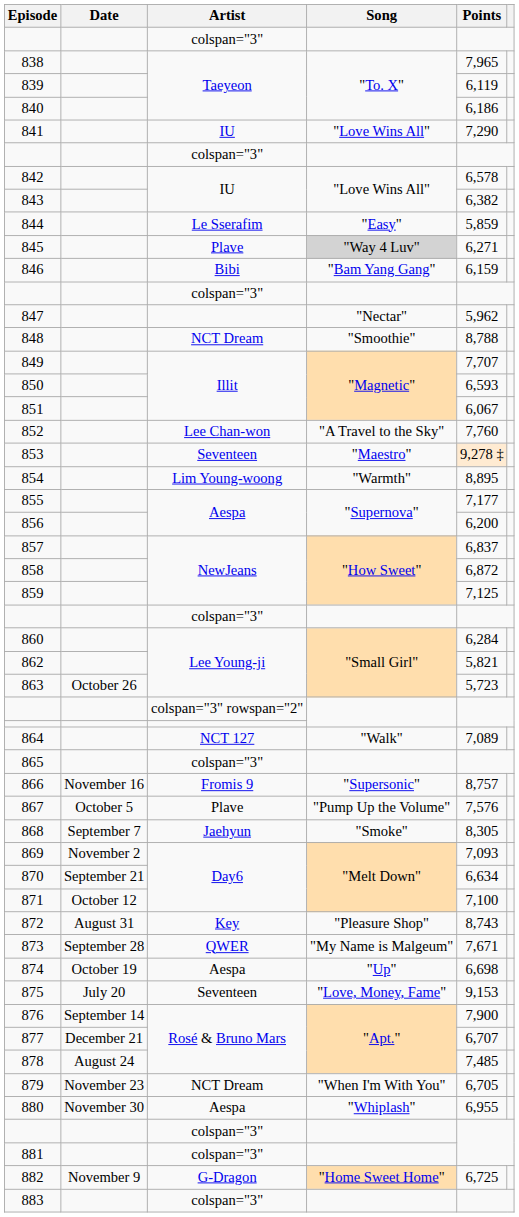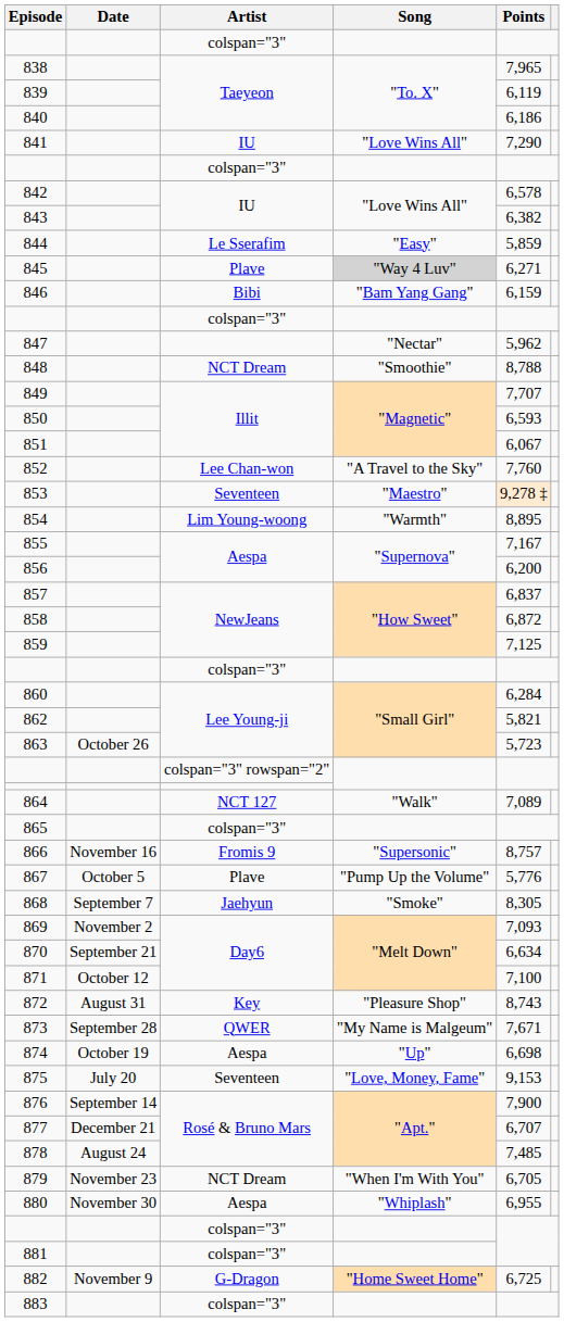 <table class="wikitable plainrowheaders sortable" style="text-align:center">
 <tr>
 <th scope="col">Episode</th>
 <th scope="col">Date</th>
 <th scope="col">Artist</th>
 <th scope="col">Song</th>
 <th scope="col">Points</th>
 <th scope="col" class="unsortable"></th>
 </tr>
 <tr>
 <td></td>
 <td></td>
 <td>colspan="3" </td>
 <td></td>
 </tr>
 <tr>
 <td>838</td>
 <td></td>
 <td rowspan="3"><a href='#'>Taeyeon</a></td>
 <td rowspan="3">"<a href='#'>To. X</a>"</td>
 <td>7,965</td>
 <td></td>
 </tr>
 <tr>
 <td>839</td>
 <td></td>
 <td>6,119</td>
 <td></td>
 </tr>
 <tr>
 <td>840</td>
 <td></td>
 <td>6,186</td>
 <td></td>
 </tr>
 <tr>
 <td>841</td>
 <td></td>
 <td><a href='#'>IU</a></td>
 <td>"<a href='#'>Love Wins All</a>"</td>
 <td>7,290</td>
 <td></td>
 </tr>
 <tr>
 <td></td>
 <td></td>
 <td>colspan="3" </td>
 <td></td>
 </tr>
 <tr>
 <td>842</td>
 <td></td>
 <td rowspan="2">IU</td>
 <td rowspan="2">"Love Wins All"</td>
 <td>6,578</td>
 <td></td>
 </tr>
 <tr>
 <td>843</td>
 <td></td>
 <td>6,382</td>
 <td></td>
 </tr>
 <tr>
 <td>844</td>
 <td></td>
 <td><a href='#'>Le Sserafim</a></td>
 <td>"<a href='#'>Easy</a>"</td>
 <td>5,859</td>
 <td></td>
 </tr>
 <tr>
 <td>845</td>
 <td></td>
 <td><a href='#'>Plave</a></td>
 <td style="background: lightgrey;">"Way 4 Luv"</td>
 <td>6,271</td>
 <td></td>
 </tr>
 <tr>
 <td>846</td>
 <td></td>
 <td><a href='#'>Bibi</a></td>
 <td>"<a href='#'>Bam Yang Gang</a>"</td>
 <td>6,159</td>
 <td></td>
 </tr>
 <tr>
 <td></td>
 <td></td>
 <td>colspan="3" </td>
 <td></td>
 </tr>
 <tr>
 <td>847</td>
 <td></td>
 <td></td>
 <td>"Nectar"</td>
 <td>5,962</td>
 <td></td>
 </tr>
 <tr>
 <td>848</td>
 <td></td>
 <td><a href='#'>NCT Dream</a></td>
 <td>"Smoothie"</td>
 <td>8,788</td>
 <td></td>
 </tr>
 <tr>
 <td>849</td>
 <td></td>
 <td rowspan="3"><a href='#'>Illit</a></td>
 <td rowspan="3" style="background:#FFDEAD">"<a href='#'>Magnetic</a>" </td>
 <td>7,707</td>
 <td></td>
 </tr>
 <tr>
 <td>850</td>
 <td></td>
 <td>6,593</td>
 <td></td>
 </tr>
 <tr>
 <td>851</td>
 <td></td>
 <td>6,067</td>
 <td></td>
 </tr>
 <tr>
 <td>852</td>
 <td></td>
 <td><a href='#'>Lee Chan-won</a></td>
 <td>"A Travel to the Sky"</td>
 <td>7,760</td>
 <td></td>
 </tr>
 <tr>
 <td>853</td>
 <td></td>
 <td><a href='#'>Seventeen</a></td>
 <td>"<a href='#'>Maestro</a>"</td>
 <td style="background:#FFEBD2">9,278 ‡</td>
 <td></td>
 </tr>
 <tr>
 <td>854</td>
 <td></td>
 <td><a href='#'>Lim Young-woong</a></td>
 <td>"Warmth"</td>
 <td>8,895</td>
 <td></td>
 </tr>
 <tr>
 <td>855</td>
 <td></td>
 <td rowspan="2"><a href='#'>Aespa</a></td>
 <td rowspan="2">"<a href='#'>Supernova</a>"</td>
-<td>7,177</td>
+<td>7,167</td>
 <td></td>
 </tr>
 <tr>
 <td>856</td>
 <td></td>
 <td>6,200</td>
 <td></td>
 </tr>
 <tr>
 <td>857</td>
 <td></td>
 <td rowspan="3"><a href='#'>NewJeans</a></td>
 <td rowspan="3" style="background:#FFDEAD">"<a href='#'>How Sweet</a>" </td>
 <td>6,837</td>
 <td></td>
 </tr>
 <tr>
 <td>858</td>
 <td></td>
 <td>6,872</td>
 <td></td>
 </tr>
 <tr>
 <td>859</td>
 <td></td>
 <td>7,125</td>
 <td></td>
 </tr>
 <tr>
 <td></td>
 <td></td>
 <td>colspan="3" </td>
 <td></td>
 </tr>
 <tr>
 <td>860</td>
 <td></td>
 <td rowspan="3"><a href='#'>Lee Young-ji</a></td>
 <td rowspan="3" style="background:#FFDEAD">"Small Girl" </td>
 <td>6,284</td>
 <td></td>
 </tr>
 <tr>
 <td>862</td>
 <td></td>
 <td>5,821</td>
 <td></td>
 </tr>
 <tr>
 <td>863</td>
 <td>October 26</td>
 <td>5,723</td>
 <td></td>
 </tr>
 <tr>
 <td></td>
 <td></td>
 <td>colspan="3" rowspan="2" </td>
 <td rowspan="2"></td>
 </tr>
 <tr>
 <td></td>
 <td></td>
 </tr>
 <tr>
 <td>864</td>
 <td></td>
 <td><a href='#'>NCT 127</a></td>
 <td>"Walk"</td>
 <td>7,089</td>
 <td></td>
 </tr>
 <tr>
 <td>865</td>
 <td></td>
 <td>colspan="3" </td>
 <td></td>
 </tr>
 <tr>
 <td>866</td>
 <td>November 16</td>
 <td><a href='#'>Fromis 9</a></td>
 <td>"<a href='#'>Supersonic</a>"</td>
 <td>8,757</td>
 <td></td>
 </tr>
 <tr>
 <td>867</td>
 <td>October 5</td>
 <td>Plave</td>
 <td>"Pump Up the Volume"</td>
-<td>7,576</td>
+<td>5,776</td>
 <td></td>
 </tr>
 <tr>
 <td>868</td>
 <td>September 7</td>
 <td><a href='#'>Jaehyun</a></td>
 <td>"Smoke"</td>
 <td>8,305</td>
 <td></td>
 </tr>
 <tr>
 <td>869</td>
 <td>November 2</td>
 <td rowspan="3"><a href='#'>Day6</a></td>
 <td rowspan="3" style="background:#FFDEAD">"Melt Down" </td>
 <td>7,093</td>
 <td></td>
 </tr>
 <tr>
 <td>870</td>
 <td>September 21</td>
 <td>6,634</td>
 <td></td>
 </tr>
 <tr>
 <td>871</td>
 <td>October 12</td>
 <td>7,100</td>
 <td></td>
 </tr>
 <tr>
 <td>872</td>
 <td>August 31</td>
 <td><a href='#'>Key</a></td>
 <td>"Pleasure Shop"</td>
 <td>8,743</td>
 <td></td>
 </tr>
 <tr>
 <td>873</td>
 <td>September 28</td>
 <td><a href='#'>QWER</a></td>
 <td>"My Name is Malgeum"</td>
 <td>7,671</td>
 <td></td>
 </tr>
 <tr>
 <td>874</td>
 <td>October 19</td>
 <td>Aespa</td>
 <td>"<a href='#'>Up</a>" </td>
 <td>6,698</td>
 <td></td>
 </tr>
 <tr>
 <td>875</td>
 <td>July 20</td>
 <td>Seventeen</td>
 <td>"<a href='#'>Love, Money, Fame</a>"</td>
 <td>9,153</td>
 <td></td>
 </tr>
 <tr>
 <td>876</td>
 <td>September 14</td>
 <td rowspan="3"><a href='#'>Rosé</a> & <a href='#'>Bruno Mars</a></td>
 <td rowspan="3" style="background:#FFDEAD">"<a href='#'>Apt.</a>" </td>
 <td>7,900</td>
 <td></td>
 </tr>
 <tr>
 <td>877</td>
 <td>December 21</td>
 <td>6,707</td>
 <td></td>
 </tr>
 <tr>
 <td>878</td>
 <td>August 24</td>
 <td>7,485</td>
 <td></td>
 </tr>
 <tr>
 <td>879</td>
 <td>November 23</td>
 <td>NCT Dream</td>
 <td>"When I'm With You"</td>
 <td>6,705</td>
 <td></td>
 </tr>
 <tr>
 <td>880</td>
 <td>November 30</td>
 <td>Aespa</td>
 <td>"<a href='#'>Whiplash</a>"</td>
 <td>6,955</td>
 <td></td>
 </tr>
 <tr>
 <td></td>
 <td></td>
 <td>colspan="3" </td>
 <td></td>
 </tr>
 <tr>
 <td>881</td>
 <td></td>
 <td>colspan="3" </td>
 <td></td>
 </tr>
 <tr>
 <td>882</td>
 <td>November 9</td>
 <td><a href='#'>G-Dragon</a></td>
 <td style="background:#FFDEAD;">"<a href='#'>Home Sweet Home</a>"  </td>
 <td>6,725</td>
 <td></td>
 </tr>
 <tr>
 <td>883</td>
 <td></td>
 <td>colspan="3" </td>
 <td></td>
 </tr>
 </table>
